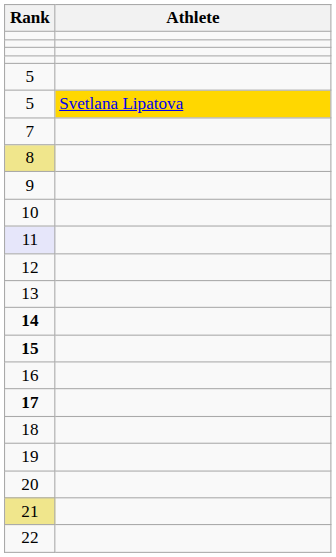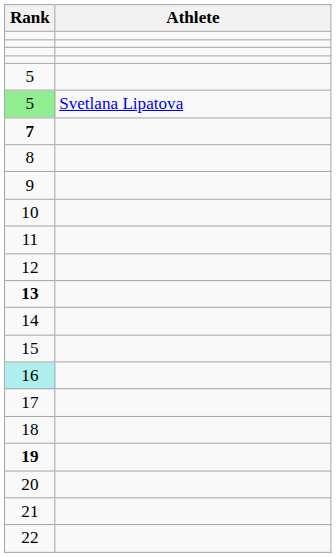 <table class="wikitable" style="text-align: center;">
 <tr>
 <th width=40>Rank</th>
 <th width=250>Athlete</th>
 </tr>
 <tr>
 <td></td>
 <td align="left"></td>
 </tr>
 <tr>
 <td></td>
 <td align="left"></td>
 </tr>
 <tr>
 <td></td>
 <td align="left"></td>
 </tr>
 <tr>
 <td></td>
 <td align="left"></td>
 </tr>
 <tr>
 <td>5</td>
 <td align="left"></td>
 </tr>
 <tr>
-<td>5</td>
-<td align="left" style="background: gold;"> <a href='#'>Svetlana Lipatova</a> </td>
+<td style="background: lightgreen;">5</td>
+<td align="left"> <a href='#'>Svetlana Lipatova</a> </td>
 </tr>
 <tr>
-<td>7</td>
+<td><strong>7</strong></td>
 <td align="left"></td>
 </tr>
 <tr>
-<td style="background: khaki;">8</td>
+<td>8</td>
 <td align="left"></td>
 </tr>
 <tr>
 <td>9</td>
 <td align="left"></td>
 </tr>
 <tr>
 <td>10</td>
 <td align="left"></td>
 </tr>
 <tr>
-<td style="background: lavender;">11</td>
+<td>11</td>
 <td align="left"></td>
 </tr>
 <tr>
 <td>12</td>
 <td align="left"></td>
 </tr>
 <tr>
-<td>13</td>
+<td><strong>13</strong></td>
 <td align="left"></td>
 </tr>
 <tr>
-<td><strong>14</strong></td>
+<td>14</td>
 <td align="left"></td>
 </tr>
 <tr>
-<td><strong>15</strong></td>
+<td>15</td>
 <td align="left"></td>
 </tr>
 <tr>
-<td>16</td>
+<td style="background: paleturquoise;">16</td>
 <td align="left"></td>
 </tr>
 <tr>
-<td><strong>17</strong></td>
+<td>17</td>
 <td align="left"></td>
 </tr>
 <tr>
 <td>18</td>
 <td align="left"></td>
 </tr>
 <tr>
-<td>19</td>
+<td><strong>19</strong></td>
 <td align="left"></td>
 </tr>
 <tr>
 <td>20</td>
 <td align="left"></td>
 </tr>
 <tr>
-<td style="background: khaki;">21</td>
+<td>21</td>
 <td align="left"></td>
 </tr>
 <tr>
 <td>22</td>
 <td align="left"></td>
 </tr>
 </table>
